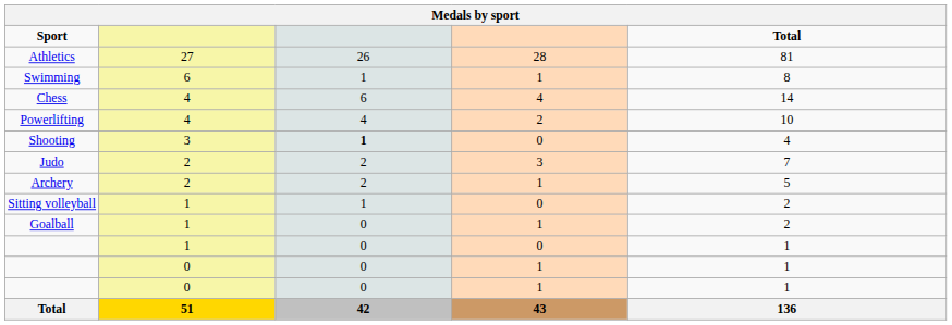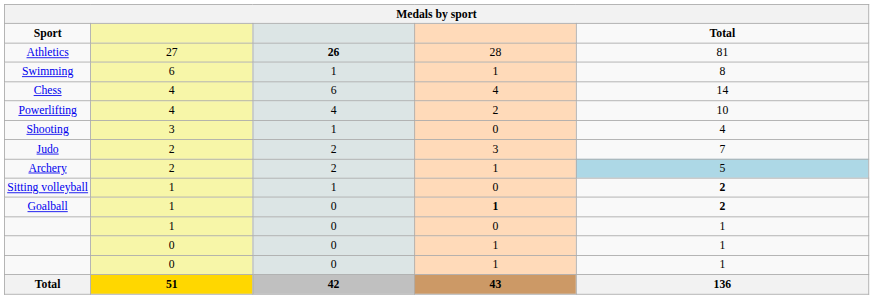 <table class="wikitable" style="font-size:85%; text-align:center;">
 <tr style="background:#efefef;">
 <th colspan=5>Medals by sport</th>
 </tr>
 <tr>
 <td width=10%><strong>Sport</strong></td>
 <td style="background:#f7f6a8;"></td>
 <td style="background:#dce5e5;"></td>
 <td style="background:#ffdab9;"></td>
 <td><strong>Total</strong></td>
 </tr>
 <tr>
 <td><a href='#'>Athletics</a></td>
 <td style="background:#f7f6a8;">27</td>
-<td style="background:#dce5e5;">26</td>
+<td style="background:#dce5e5;"><strong>26</strong></td>
 <td style="background:#ffdab9;">28</td>
 <td>81</td>
 </tr>
 <tr>
 <td><a href='#'>Swimming</a></td>
 <td style="background:#f7f6a8;">6</td>
 <td style="background:#dce5e5;">1</td>
 <td style="background:#ffdab9;">1</td>
 <td>8</td>
 </tr>
 <tr>
 <td><a href='#'>Chess</a></td>
 <td style="background:#f7f6a8;">4</td>
 <td style="background:#dce5e5;">6</td>
 <td style="background:#ffdab9;">4</td>
 <td>14</td>
 </tr>
 <tr>
 <td><a href='#'>Powerlifting</a></td>
 <td style="background:#f7f6a8;">4</td>
 <td style="background:#dce5e5;">4</td>
 <td style="background:#ffdab9;">2</td>
 <td>10</td>
 </tr>
 <tr>
 <td><a href='#'>Shooting</a></td>
 <td style="background:#f7f6a8;">3</td>
-<td style="background:#dce5e5;"><strong>1</strong></td>
+<td style="background:#dce5e5;">1</td>
 <td style="background:#ffdab9;">0</td>
 <td>4</td>
 </tr>
 <tr>
 <td><a href='#'>Judo</a></td>
 <td style="background:#f7f6a8;">2</td>
 <td style="background:#dce5e5;">2</td>
 <td style="background:#ffdab9;">3</td>
 <td>7</td>
 </tr>
 <tr>
 <td><a href='#'>Archery</a></td>
 <td style="background:#f7f6a8;">2</td>
 <td style="background:#dce5e5;">2</td>
 <td style="background:#ffdab9;">1</td>
-<td>5</td>
+<td style="background: lightblue;">5</td>
 </tr>
 <tr>
 <td><a href='#'>Sitting volleyball</a></td>
 <td style="background:#f7f6a8;">1</td>
 <td style="background:#dce5e5;">1</td>
 <td style="background:#ffdab9;">0</td>
-<td>2</td>
+<td><strong>2</strong></td>
 </tr>
 <tr>
 <td><a href='#'>Goalball</a></td>
 <td style="background:#f7f6a8;">1</td>
 <td style="background:#dce5e5;">0</td>
-<td style="background:#ffdab9;">1</td>
-<td>2</td>
+<td style="background:#ffdab9;"><strong>1</strong></td>
+<td><strong>2</strong></td>
 </tr>
 <tr>
 <td></td>
 <td style="background:#f7f6a8;">1</td>
 <td style="background:#dce5e5;">0</td>
 <td style="background:#ffdab9;">0</td>
 <td>1</td>
 </tr>
 <tr>
 <td></td>
 <td style="background:#f7f6a8;">0</td>
 <td style="background:#dce5e5;">0</td>
 <td style="background:#ffdab9;">1</td>
 <td>1</td>
 </tr>
 <tr>
 <td></td>
 <td style="background:#f7f6a8;">0</td>
 <td style="background:#dce5e5;">0</td>
 <td style="background:#ffdab9;">1</td>
 <td>1</td>
 </tr>
 <tr>
 <th>Total</th>
 <th style="background:gold;">51</th>
 <th style="background:silver;">42</th>
 <th style="background:#c96;">43</th>
 <th>136</th>
 </tr>
 </table>
